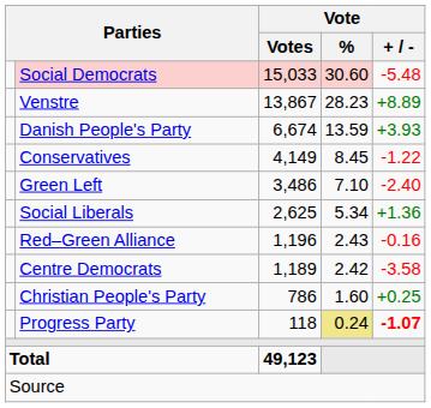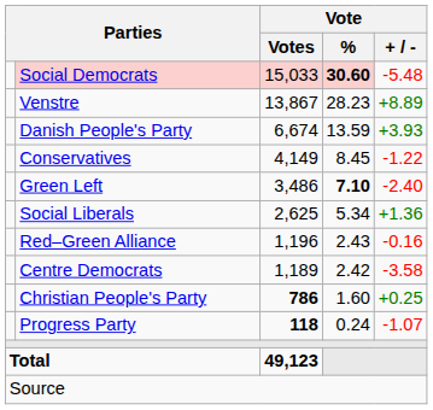 <table class="wikitable" style="text-align:right;">
 <tr>
 <th style="text-align:centre;" rowspan="2" colspan="2" width="225">Parties</th>
 <th colspan="3">Vote</th>
 </tr>
 <tr>
 <th width="15">Votes</th>
 <th width="15">%</th>
 <th width="15">+ / -</th>
 </tr>
 <tr>
 <td width="2" style="color:inherit;background:"></td>
 <td bgcolor=#fbd0ce  align="left"><a href='#'>Social Democrats</a></td>
 <td bgcolor=#fbd0ce>15,033</td>
-<td bgcolor=#fbd0ce>30.60</td>
+<td bgcolor=#fbd0ce><strong>30.60</strong></td>
 <td style=color:red;>-5.48</td>
 </tr>
 <tr>
 <td width="2" style="color:inherit;background:"></td>
 <td align="left"><a href='#'>Venstre</a></td>
 <td>13,867</td>
 <td>28.23</td>
 <td style=color:green;>+8.89</td>
 </tr>
 <tr>
 <td width="2" style="color:inherit;background:"></td>
 <td align="left"><a href='#'>Danish People's Party</a></td>
 <td>6,674</td>
 <td>13.59</td>
 <td style=color:green;>+3.93</td>
 </tr>
 <tr>
 <td width="2" style="color:inherit;background:"></td>
 <td align="left"><a href='#'>Conservatives</a></td>
 <td>4,149</td>
 <td>8.45</td>
 <td style=color:red;>-1.22</td>
 </tr>
 <tr>
 <td width="2" style="color:inherit;background:"></td>
 <td align="left"><a href='#'>Green Left</a></td>
 <td>3,486</td>
-<td>7.10</td>
+<td><strong>7.10</strong></td>
 <td style=color:red;>-2.40</td>
 </tr>
 <tr>
 <td width="2" style="color:inherit;background:"></td>
 <td align="left"><a href='#'>Social Liberals</a></td>
 <td>2,625</td>
 <td>5.34</td>
 <td style=color:green;>+1.36</td>
 </tr>
 <tr>
 <td width="2" style="color:inherit;background:"></td>
 <td align="left"><a href='#'>Red–Green Alliance</a></td>
 <td>1,196</td>
 <td>2.43</td>
 <td style=color:red;>-0.16</td>
 </tr>
 <tr>
 <td width="2" style="color:inherit;background:"></td>
 <td align="left"><a href='#'>Centre Democrats</a></td>
 <td>1,189</td>
 <td>2.42</td>
 <td style=color:red;>-3.58</td>
 </tr>
 <tr>
 <td width="2" style="color:inherit;background:"></td>
 <td align="left"><a href='#'>Christian People's Party</a></td>
-<td>786</td>
+<td><strong>786</strong></td>
 <td>1.60</td>
 <td style=color:green;>+0.25</td>
 </tr>
 <tr>
 <td width="2" style="color:inherit;background:"></td>
 <td align="left"><a href='#'>Progress Party</a></td>
-<td>118</td>
-<td style="background: khaki;">0.24</td>
-<td style=color:red;><strong>-1.07</strong></td>
+<td><strong>118</strong></td>
+<td>0.24</td>
+<td style=color:red;>-1.07</td>
 </tr>
 <tr>
 <td colspan="7" bgcolor="#E9E9E9"></td>
 </tr>
 <tr>
 <td align="left" colspan="2"><strong>Total</strong></td>
 <td><strong>49,123</strong></td>
 <td bgcolor="#E9E9E9" colspan="2"></td>
 </tr>
 <tr>
 <td align="left" colspan="6">Source</td>
 </tr>
 </table>
